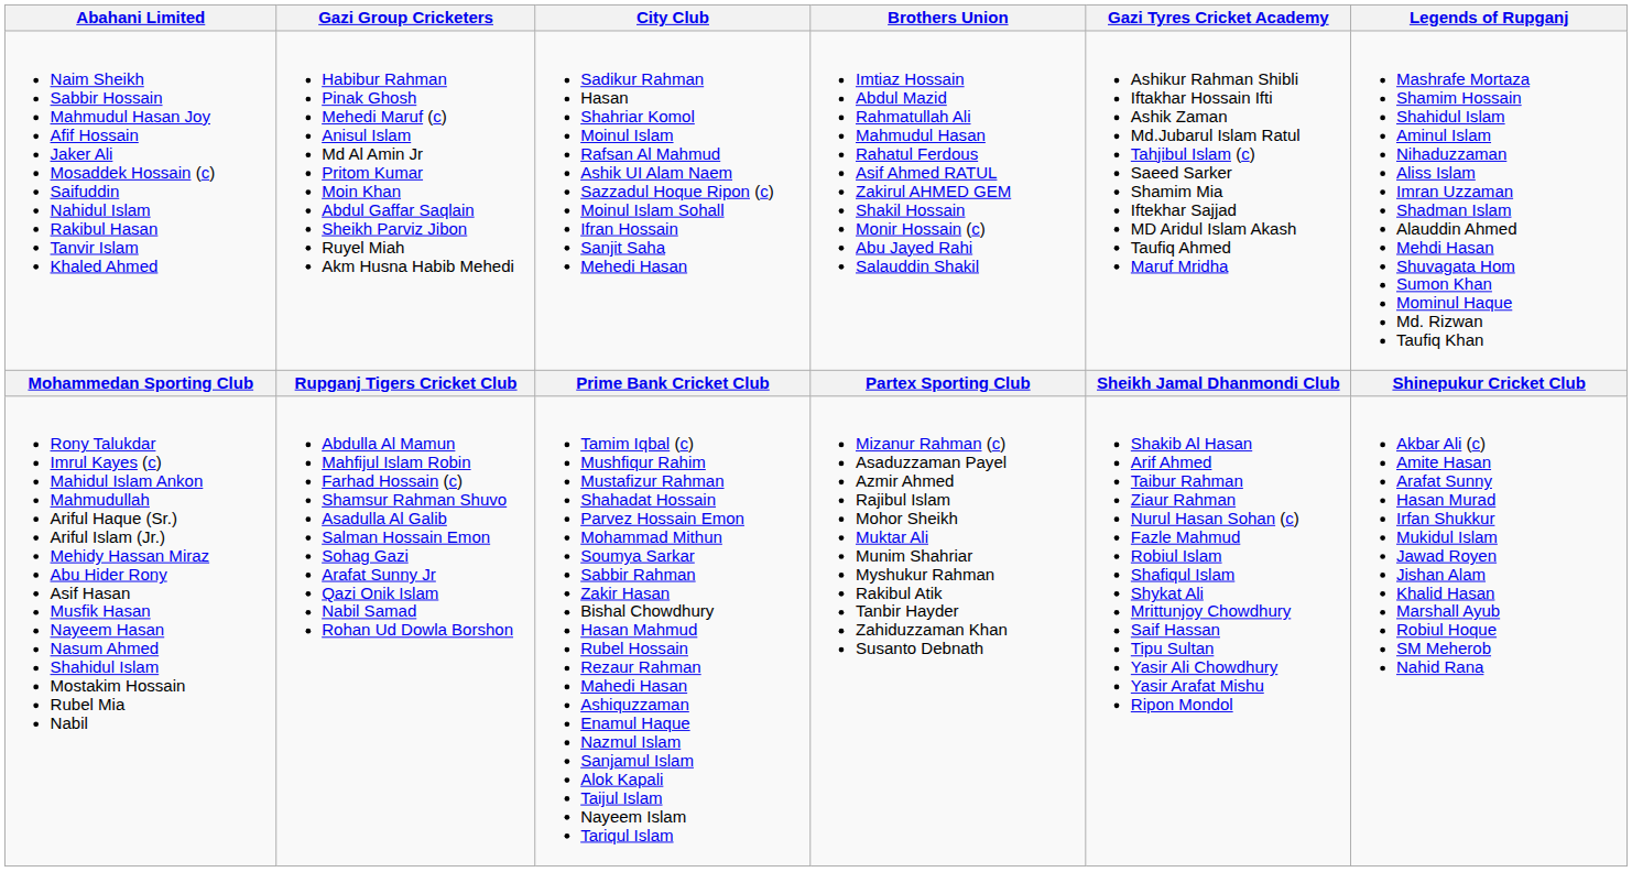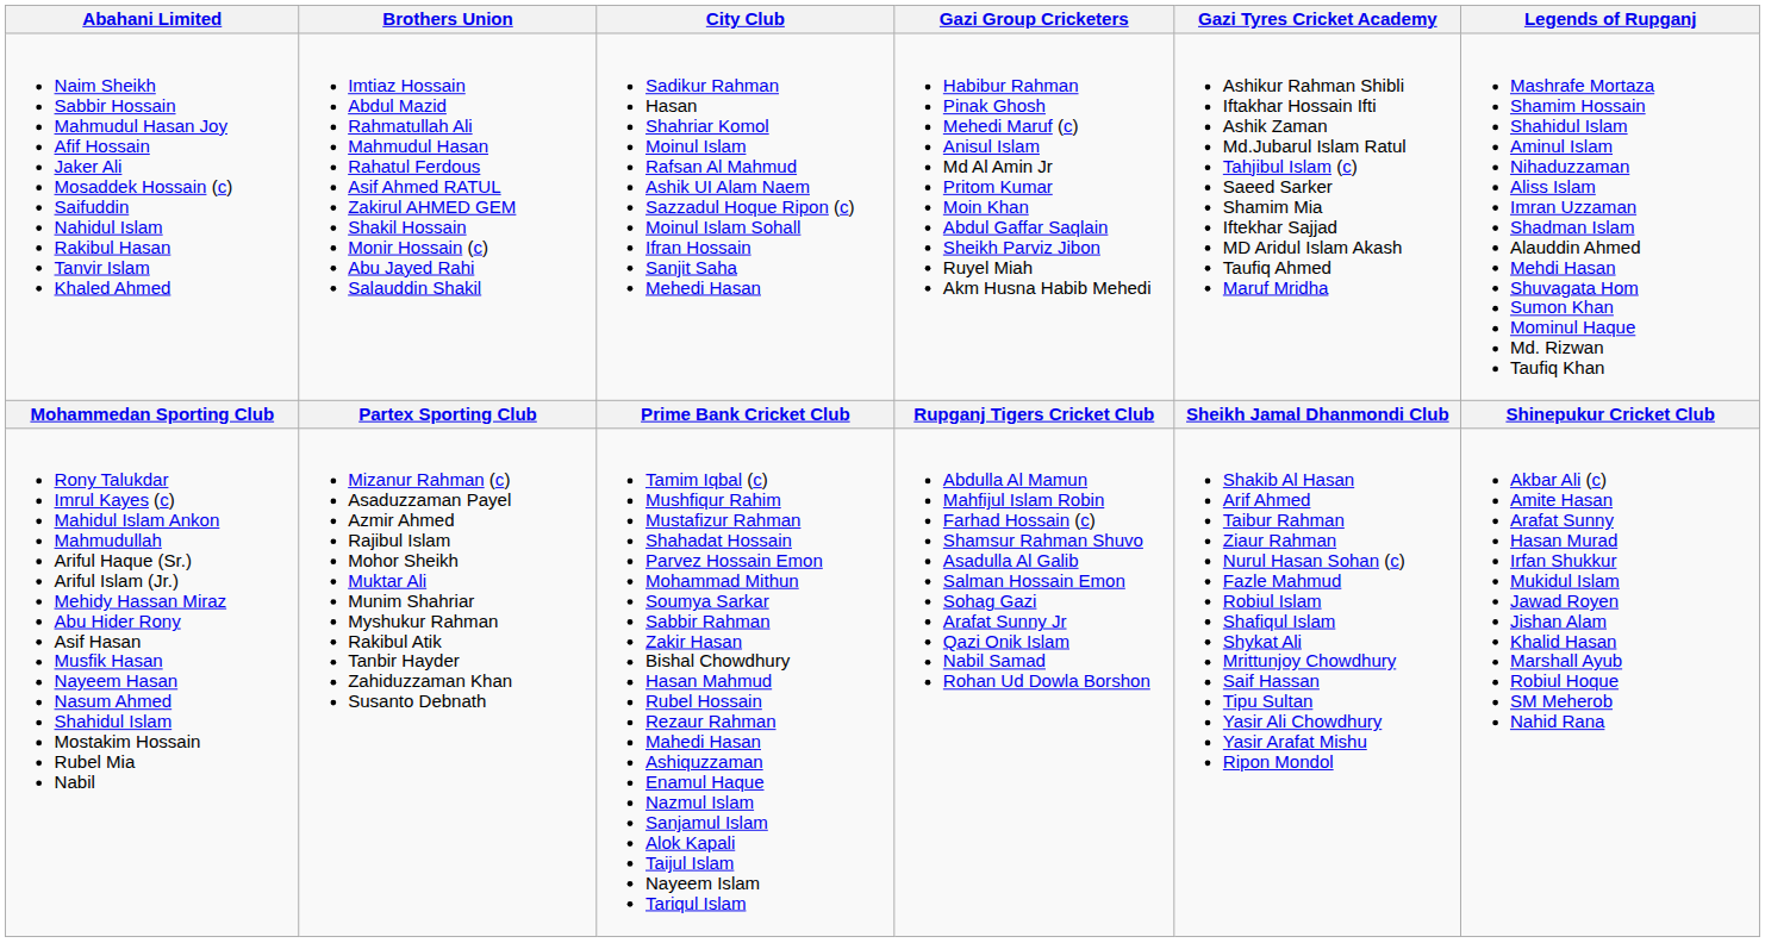 <table class="wikitable">
 <tr>
 <th width=330><a href='#'>Abahani Limited</a></th>
+<th width=330><a href='#'>Brothers Union</a></th>
+<th width=330><a href='#'>City Club</a></th>
 <th width=330><a href='#'>Gazi Group Cricketers</a></th>
-<th width=330><a href='#'>City Club</a></th>
-<th width=330><a href='#'>Brothers Union</a></th>
 <th width=330><a href='#'>Gazi Tyres Cricket Academy</a></th>
 <th width=330><a href='#'>Legends of Rupganj</a></th>
 </tr>
 <tr>
 <td valign=top><br><ul><li><a href='#'>Naim Sheikh</a></li><li><a href='#'>Sabbir Hossain</a></li><li><a href='#'>Mahmudul Hasan Joy</a></li><li><a href='#'>Afif Hossain</a></li><li><a href='#'>Jaker Ali</a></li><li><a href='#'>Mosaddek Hossain</a> (<a href='#'>c</a>)</li><li><a href='#'>Saifuddin</a></li><li><a href='#'>Nahidul Islam</a></li><li><a href='#'>Rakibul Hasan</a></li><li><a href='#'>Tanvir Islam</a></li><li><a href='#'>Khaled Ahmed</a></li></ul></td>
+<td valign=top><br><ul><li><a href='#'>Imtiaz Hossain</a></li><li><a href='#'>Abdul Mazid</a></li><li><a href='#'>Rahmatullah Ali</a></li><li><a href='#'>Mahmudul Hasan</a></li><li><a href='#'>Rahatul Ferdous</a></li><li><a href='#'>Asif Ahmed RATUL</a></li><li><a href='#'>Zakirul AHMED GEM</a></li><li><a href='#'>Shakil Hossain</a></li><li><a href='#'>Monir Hossain</a> (<a href='#'>c</a>)</li><li><a href='#'>Abu Jayed Rahi</a></li><li><a href='#'>Salauddin Shakil</a></li></ul></td>
+<td valign=top><br><ul><li><a href='#'>Sadikur Rahman</a></li><li>Hasan</li><li><a href='#'>Shahriar Komol</a></li><li><a href='#'>Moinul Islam</a></li><li><a href='#'>Rafsan Al Mahmud</a></li><li><a href='#'>Ashik UI Alam Naem</a></li><li><a href='#'>Sazzadul Hoque Ripon</a> (<a href='#'>c</a>)</li><li><a href='#'>Moinul Islam Sohall</a></li><li><a href='#'>Ifran Hossain</a></li><li><a href='#'>Sanjit Saha</a></li><li><a href='#'>Mehedi Hasan</a></li></ul></td>
 <td valign=top><br><ul><li><a href='#'>Habibur Rahman</a></li><li><a href='#'>Pinak Ghosh</a></li><li><a href='#'>Mehedi Maruf</a> (<a href='#'>c</a>)</li><li><a href='#'>Anisul Islam</a></li><li>Md Al Amin Jr</li><li><a href='#'>Pritom Kumar</a></li><li><a href='#'>Moin Khan</a></li><li><a href='#'>Abdul Gaffar Saqlain</a></li><li><a href='#'>Sheikh Parviz Jibon</a></li><li>Ruyel Miah</li><li>Akm Husna Habib Mehedi</li></ul></td>
-<td valign=top><br><ul><li><a href='#'>Sadikur Rahman</a></li><li>Hasan</li><li><a href='#'>Shahriar Komol</a></li><li><a href='#'>Moinul Islam</a></li><li><a href='#'>Rafsan Al Mahmud</a></li><li><a href='#'>Ashik UI Alam Naem</a></li><li><a href='#'>Sazzadul Hoque Ripon</a> (<a href='#'>c</a>)</li><li><a href='#'>Moinul Islam Sohall</a></li><li><a href='#'>Ifran Hossain</a></li><li><a href='#'>Sanjit Saha</a></li><li><a href='#'>Mehedi Hasan</a></li></ul></td>
-<td valign=top><br><ul><li><a href='#'>Imtiaz Hossain</a></li><li><a href='#'>Abdul Mazid</a></li><li><a href='#'>Rahmatullah Ali</a></li><li><a href='#'>Mahmudul Hasan</a></li><li><a href='#'>Rahatul Ferdous</a></li><li><a href='#'>Asif Ahmed RATUL</a></li><li><a href='#'>Zakirul AHMED GEM</a></li><li><a href='#'>Shakil Hossain</a></li><li><a href='#'>Monir Hossain</a> (<a href='#'>c</a>)</li><li><a href='#'>Abu Jayed Rahi</a></li><li><a href='#'>Salauddin Shakil</a></li></ul></td>
 <td valign=top><br><ul><li>Ashikur Rahman Shibli</li><li>Iftakhar Hossain Ifti</li><li>Ashik Zaman</li><li>Md.Jubarul Islam Ratul</li><li><a href='#'>Tahjibul Islam</a> (<a href='#'>c</a>)</li><li>Saeed Sarker</li><li>Shamim Mia</li><li>Iftekhar Sajjad</li><li>MD Aridul Islam Akash</li><li>Taufiq Ahmed</li><li><a href='#'>Maruf Mridha</a></li></ul></td>
 <td valign=top><br><ul><li><a href='#'>Mashrafe Mortaza</a></li><li><a href='#'>Shamim Hossain</a></li><li><a href='#'>Shahidul Islam</a></li><li><a href='#'>Aminul Islam</a></li><li><a href='#'>Nihaduzzaman</a></li><li><a href='#'>Aliss Islam</a></li><li><a href='#'>Imran Uzzaman</a></li><li><a href='#'>Shadman Islam</a></li><li>Alauddin Ahmed</li><li><a href='#'>Mehdi Hasan</a></li><li><a href='#'>Shuvagata Hom</a></li><li><a href='#'>Sumon Khan</a></li><li><a href='#'>Mominul Haque</a></li><li>Md. Rizwan</li><li>Taufiq Khan</li></ul></td>
 </tr>
 <tr>
 <th width=330><a href='#'>Mohammedan Sporting Club</a></th>
+<th width=330><a href='#'>Partex Sporting Club</a></th>
+<th width=330><a href='#'>Prime Bank Cricket Club</a></th>
 <th width=330><a href='#'>Rupganj Tigers Cricket Club</a></th>
-<th width=330><a href='#'>Prime Bank Cricket Club</a></th>
-<th width=330><a href='#'>Partex Sporting Club</a></th>
 <th width=330><a href='#'>Sheikh Jamal Dhanmondi Club</a></th>
 <th width=330><a href='#'>Shinepukur Cricket Club</a></th>
 </tr>
 <tr>
 <td valign=top><br><ul><li><a href='#'>Rony Talukdar</a></li><li><a href='#'>Imrul Kayes</a> (<a href='#'>c</a>)</li><li><a href='#'>Mahidul Islam Ankon</a></li><li><a href='#'>Mahmudullah</a></li><li>Ariful Haque (Sr.)</li><li>Ariful Islam (Jr.)</li><li><a href='#'>Mehidy Hassan Miraz</a></li><li><a href='#'>Abu Hider Rony</a></li><li>Asif Hasan</li><li><a href='#'>Musfik Hasan</a></li><li><a href='#'>Nayeem Hasan</a></li><li><a href='#'>Nasum Ahmed</a></li><li><a href='#'>Shahidul Islam</a></li><li>Mostakim Hossain</li><li>Rubel Mia</li><li>Nabil</li></ul></td>
+<td valign=top><br><ul><li><a href='#'>Mizanur Rahman</a> (<a href='#'>c</a>)</li><li>Asaduzzaman Payel</li><li>Azmir Ahmed</li><li>Rajibul Islam</li><li>Mohor Sheikh</li><li><a href='#'>Muktar Ali</a></li><li>Munim Shahriar</li><li>Myshukur Rahman</li><li>Rakibul Atik</li><li>Tanbir Hayder</li><li>Zahiduzzaman Khan</li><li>Susanto Debnath</li></ul></td>
+<td valign=top><br><ul><li><a href='#'>Tamim Iqbal</a> (<a href='#'>c</a>)</li><li><a href='#'>Mushfiqur Rahim</a></li><li><a href='#'>Mustafizur Rahman</a></li><li><a href='#'>Shahadat Hossain</a></li><li><a href='#'>Parvez Hossain Emon</a></li><li><a href='#'>Mohammad Mithun</a></li><li><a href='#'>Soumya Sarkar</a></li><li><a href='#'>Sabbir Rahman</a></li><li><a href='#'>Zakir Hasan</a></li><li>Bishal Chowdhury</li><li><a href='#'>Hasan Mahmud</a></li><li><a href='#'>Rubel Hossain</a></li><li><a href='#'>Rezaur Rahman</a></li><li><a href='#'>Mahedi Hasan</a></li><li><a href='#'>Ashiquzzaman</a></li><li><a href='#'>Enamul Haque</a></li><li><a href='#'>Nazmul Islam</a></li><li><a href='#'>Sanjamul Islam</a></li><li><a href='#'>Alok Kapali</a></li><li><a href='#'>Taijul Islam</a></li><li>Nayeem Islam</li><li><a href='#'>Tariqul Islam</a></li></ul></td>
 <td valign=top><br><ul><li><a href='#'>Abdulla Al Mamun</a></li><li><a href='#'>Mahfijul Islam Robin</a></li><li><a href='#'>Farhad Hossain</a> (<a href='#'>c</a>)</li><li><a href='#'>Shamsur Rahman Shuvo</a></li><li><a href='#'>Asadulla Al Galib</a></li><li><a href='#'>Salman Hossain Emon</a></li><li><a href='#'>Sohag Gazi</a></li><li><a href='#'>Arafat Sunny Jr</a></li><li><a href='#'>Qazi Onik Islam</a></li><li><a href='#'>Nabil Samad</a></li><li><a href='#'>Rohan Ud Dowla Borshon</a></li></ul></td>
-<td valign=top><br><ul><li><a href='#'>Tamim Iqbal</a> (<a href='#'>c</a>)</li><li><a href='#'>Mushfiqur Rahim</a></li><li><a href='#'>Mustafizur Rahman</a></li><li><a href='#'>Shahadat Hossain</a></li><li><a href='#'>Parvez Hossain Emon</a></li><li><a href='#'>Mohammad Mithun</a></li><li><a href='#'>Soumya Sarkar</a></li><li><a href='#'>Sabbir Rahman</a></li><li><a href='#'>Zakir Hasan</a></li><li>Bishal Chowdhury</li><li><a href='#'>Hasan Mahmud</a></li><li><a href='#'>Rubel Hossain</a></li><li><a href='#'>Rezaur Rahman</a></li><li><a href='#'>Mahedi Hasan</a></li><li><a href='#'>Ashiquzzaman</a></li><li><a href='#'>Enamul Haque</a></li><li><a href='#'>Nazmul Islam</a></li><li><a href='#'>Sanjamul Islam</a></li><li><a href='#'>Alok Kapali</a></li><li><a href='#'>Taijul Islam</a></li><li>Nayeem Islam</li><li><a href='#'>Tariqul Islam</a></li></ul></td>
-<td valign=top><br><ul><li><a href='#'>Mizanur Rahman</a> (<a href='#'>c</a>)</li><li>Asaduzzaman Payel</li><li>Azmir Ahmed</li><li>Rajibul Islam</li><li>Mohor Sheikh</li><li><a href='#'>Muktar Ali</a></li><li>Munim Shahriar</li><li>Myshukur Rahman</li><li>Rakibul Atik</li><li>Tanbir Hayder</li><li>Zahiduzzaman Khan</li><li>Susanto Debnath</li></ul></td>
 <td valign=top><br><ul><li><a href='#'>Shakib Al Hasan</a></li><li><a href='#'>Arif Ahmed</a></li><li><a href='#'>Taibur Rahman</a></li><li><a href='#'>Ziaur Rahman</a></li><li><a href='#'>Nurul Hasan Sohan</a> (<a href='#'>c</a>)</li><li><a href='#'>Fazle Mahmud</a></li><li><a href='#'>Robiul Islam</a></li><li><a href='#'>Shafiqul Islam</a></li><li><a href='#'>Shykat Ali</a></li><li><a href='#'>Mrittunjoy Chowdhury</a></li><li><a href='#'>Saif Hassan</a></li><li><a href='#'>Tipu Sultan</a></li><li><a href='#'>Yasir Ali Chowdhury</a></li><li><a href='#'>Yasir Arafat Mishu</a></li><li><a href='#'>Ripon Mondol</a></li></ul></td>
 <td valign=top><br><ul><li><a href='#'>Akbar Ali</a> (<a href='#'>c</a>)</li><li><a href='#'>Amite Hasan</a></li><li><a href='#'>Arafat Sunny</a></li><li><a href='#'>Hasan Murad</a></li><li><a href='#'>Irfan Shukkur</a></li><li><a href='#'>Mukidul Islam</a></li><li><a href='#'>Jawad Royen</a></li><li><a href='#'>Jishan Alam</a></li><li><a href='#'>Khalid Hasan</a></li><li><a href='#'>Marshall Ayub</a></li><li><a href='#'>Robiul Hoque</a></li><li><a href='#'>SM Meherob</a></li><li><a href='#'>Nahid Rana</a></li></ul></td>
 </tr>
 </table>
